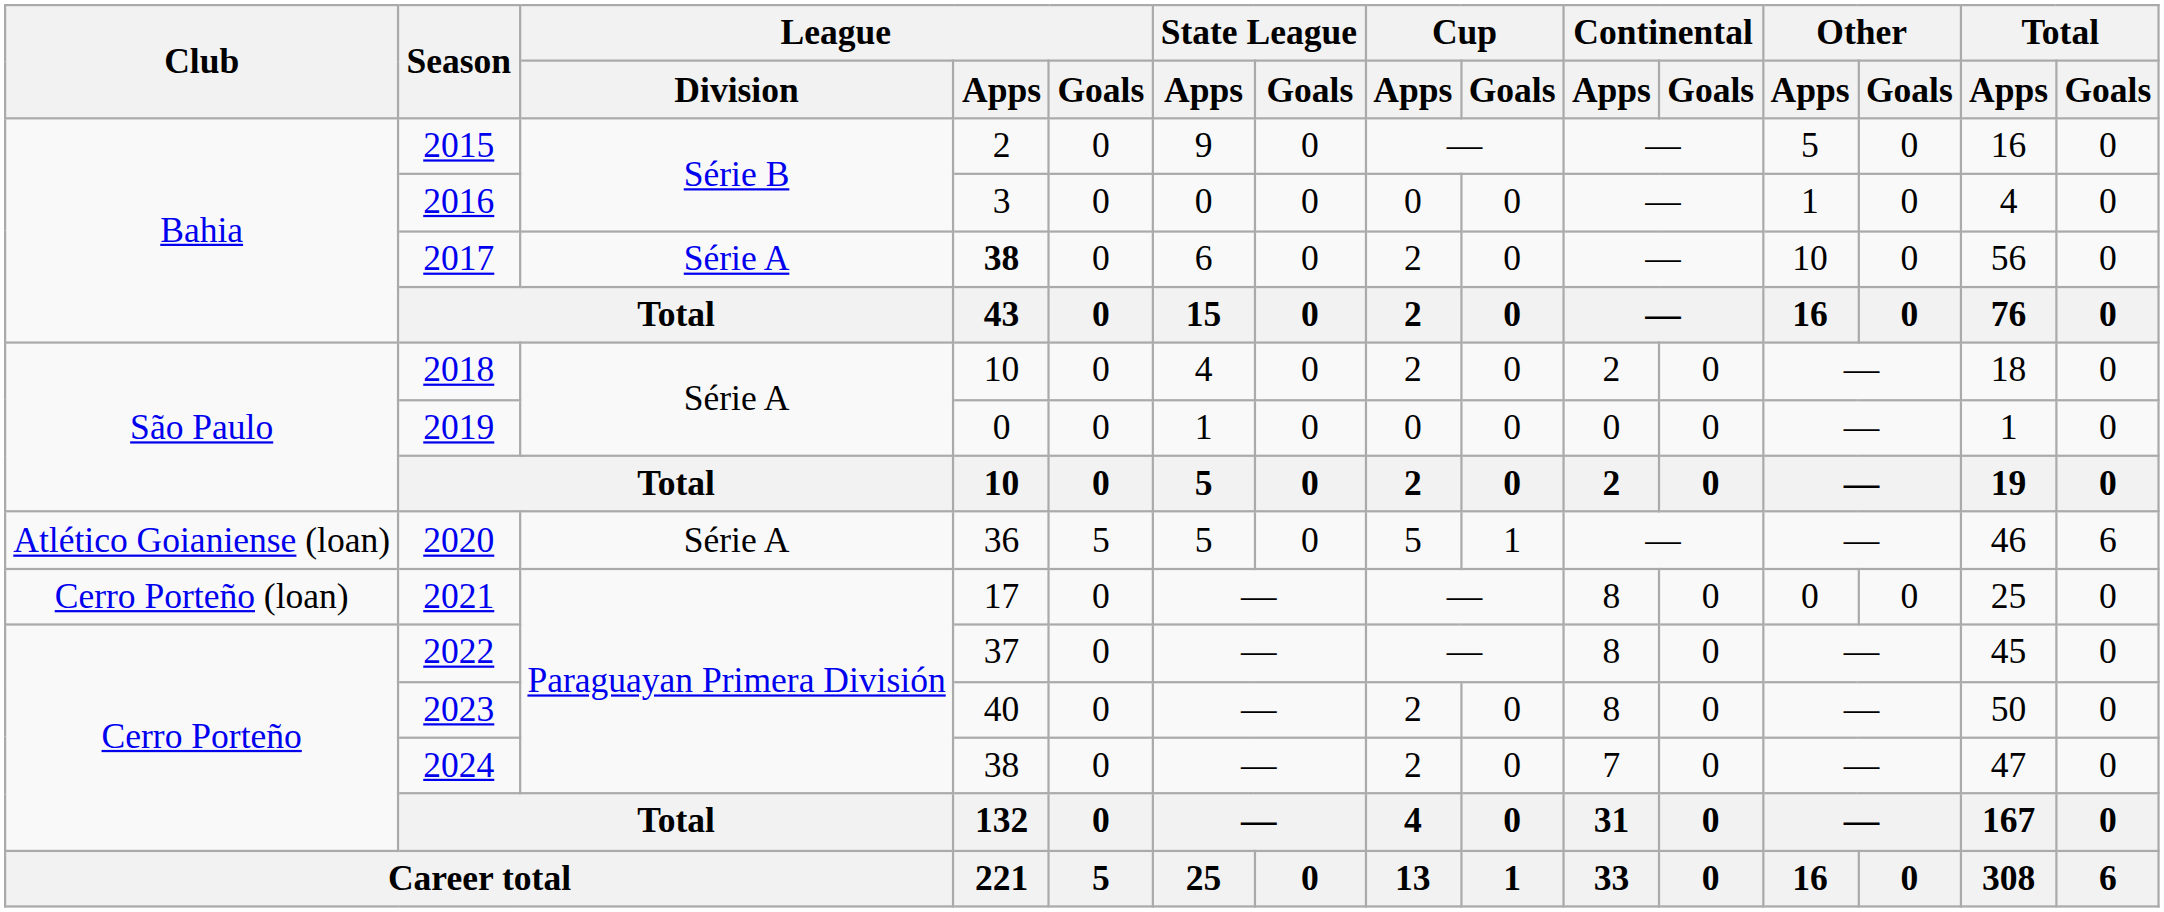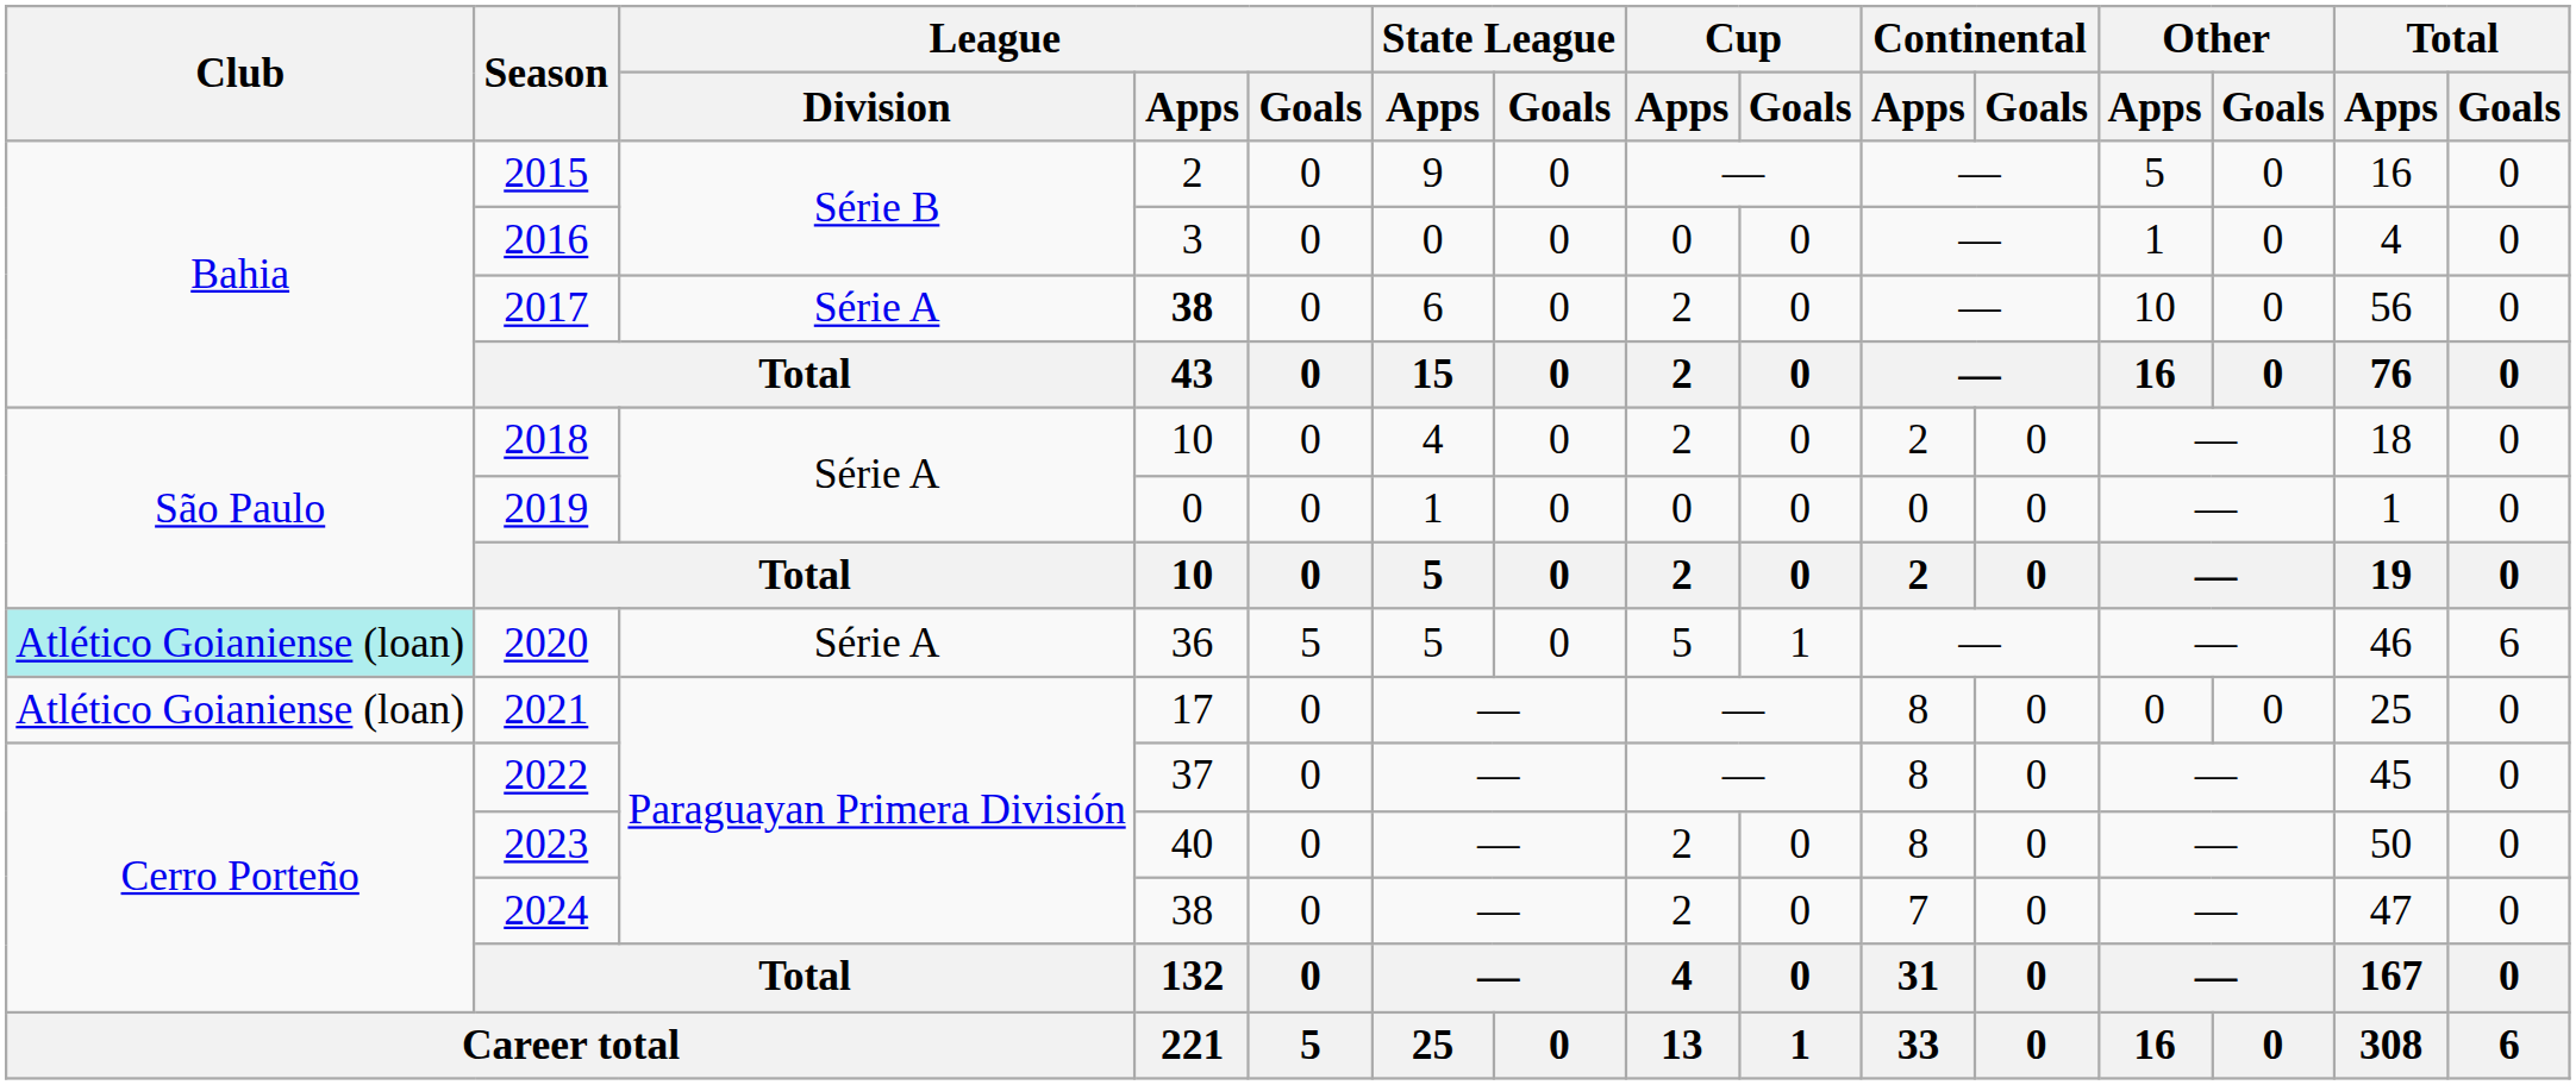 <table class="wikitable" style="text-align: center;">
 <tr>
 <th rowspan="2">Club</th>
 <th rowspan="2">Season</th>
 <th colspan="3">League</th>
 <th colspan="2">State League</th>
 <th colspan="2">Cup</th>
 <th colspan="2">Continental</th>
 <th colspan="2">Other</th>
 <th colspan="2">Total</th>
 </tr>
 <tr>
 <th>Division</th>
 <th>Apps</th>
 <th>Goals</th>
 <th>Apps</th>
 <th>Goals</th>
 <th>Apps</th>
 <th>Goals</th>
 <th>Apps</th>
 <th>Goals</th>
 <th>Apps</th>
 <th>Goals</th>
 <th>Apps</th>
 <th>Goals</th>
 </tr>
 <tr>
 <td rowspan="4" valign="center"><a href='#'>Bahia</a></td>
 <td><a href='#'>2015</a></td>
 <td rowspan="2"><a href='#'>Série B</a></td>
 <td>2</td>
 <td>0</td>
 <td>9</td>
 <td>0</td>
 <td colspan="2">—</td>
 <td colspan="2">—</td>
 <td>5</td>
 <td>0</td>
 <td>16</td>
 <td>0</td>
 </tr>
 <tr>
 <td><a href='#'>2016</a></td>
 <td>3</td>
 <td>0</td>
 <td>0</td>
 <td>0</td>
 <td>0</td>
 <td>0</td>
 <td colspan="2">—</td>
 <td>1</td>
 <td>0</td>
 <td>4</td>
 <td>0</td>
 </tr>
 <tr>
 <td><a href='#'>2017</a></td>
 <td><a href='#'>Série A</a></td>
 <td><strong>38</strong></td>
 <td>0</td>
 <td>6</td>
 <td>0</td>
 <td>2</td>
 <td>0</td>
 <td colspan="2">—</td>
 <td>10</td>
 <td>0</td>
 <td>56</td>
 <td>0</td>
 </tr>
 <tr>
 <th colspan="2">Total</th>
 <th>43</th>
 <th>0</th>
 <th>15</th>
 <th>0</th>
 <th>2</th>
 <th>0</th>
 <th colspan="2">—</th>
 <th>16</th>
 <th>0</th>
 <th>76</th>
 <th>0</th>
 </tr>
 <tr>
 <td rowspan="3" valign="center"><a href='#'>São Paulo</a></td>
 <td><a href='#'>2018</a></td>
 <td rowspan="2">Série A</td>
 <td>10</td>
 <td>0</td>
 <td>4</td>
 <td>0</td>
 <td>2</td>
 <td>0</td>
 <td>2</td>
 <td>0</td>
 <td colspan="2">—</td>
 <td>18</td>
 <td>0</td>
 </tr>
 <tr>
 <td><a href='#'>2019</a></td>
 <td>0</td>
 <td>0</td>
 <td>1</td>
 <td>0</td>
 <td>0</td>
 <td>0</td>
 <td>0</td>
 <td>0</td>
 <td colspan="2">—</td>
 <td>1</td>
 <td>0</td>
 </tr>
 <tr>
 <th colspan="2">Total</th>
 <th>10</th>
 <th>0</th>
 <th>5</th>
 <th>0</th>
 <th>2</th>
 <th>0</th>
 <th>2</th>
 <th>0</th>
 <th colspan="2">—</th>
 <th>19</th>
 <th>0</th>
 </tr>
 <tr>
-<td valign="center"><a href='#'>Atlético Goianiense</a> (loan)</td>
+<td valign="center" style="background: paleturquoise;"><a href='#'>Atlético Goianiense</a> (loan)</td>
 <td><a href='#'>2020</a></td>
 <td>Série A</td>
 <td>36</td>
 <td>5</td>
 <td>5</td>
 <td>0</td>
 <td>5</td>
 <td>1</td>
 <td colspan="2">—</td>
 <td colspan="2">—</td>
 <td>46</td>
 <td>6</td>
 </tr>
 <tr>
-<td valign="center"><a href='#'>Cerro Porteño</a> (loan)</td>
+<td valign="center"><a href='#'>Atlético Goianiense</a> (loan)</td>
 <td><a href='#'>2021</a></td>
 <td rowspan="4"><a href='#'>Paraguayan Primera División</a></td>
 <td>17</td>
 <td>0</td>
 <td colspan="2">—</td>
 <td colspan="2">—</td>
 <td>8</td>
 <td>0</td>
 <td>0</td>
 <td>0</td>
 <td>25</td>
 <td>0</td>
 </tr>
 <tr>
 <td rowspan="4" valign="center"><a href='#'>Cerro Porteño</a></td>
 <td><a href='#'>2022</a></td>
 <td>37</td>
 <td>0</td>
 <td colspan="2">—</td>
 <td colspan="2">—</td>
 <td>8</td>
 <td>0</td>
 <td colspan="2">—</td>
 <td>45</td>
 <td>0</td>
 </tr>
 <tr>
 <td><a href='#'>2023</a></td>
 <td>40</td>
 <td>0</td>
 <td colspan="2">—</td>
 <td>2</td>
 <td>0</td>
 <td>8</td>
 <td>0</td>
 <td colspan="2">—</td>
 <td>50</td>
 <td>0</td>
 </tr>
 <tr>
 <td><a href='#'>2024</a></td>
 <td>38</td>
 <td>0</td>
 <td colspan="2">—</td>
 <td>2</td>
 <td>0</td>
 <td>7</td>
 <td>0</td>
 <td colspan="2">—</td>
 <td>47</td>
 <td>0</td>
 </tr>
 <tr>
 <th colspan="2">Total</th>
 <th>132</th>
 <th>0</th>
 <th colspan="2">—</th>
 <th>4</th>
 <th>0</th>
 <th>31</th>
 <th>0</th>
 <th colspan="2">—</th>
 <th>167</th>
 <th>0</th>
 </tr>
 <tr>
 <th colspan="3"><strong>Career total</strong></th>
 <th>221</th>
 <th>5</th>
 <th>25</th>
 <th>0</th>
 <th>13</th>
 <th>1</th>
 <th>33</th>
 <th>0</th>
 <th>16</th>
 <th>0</th>
 <th>308</th>
 <th>6</th>
 </tr>
 </table>
